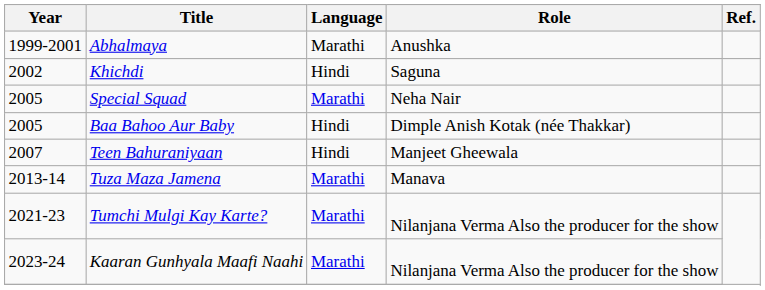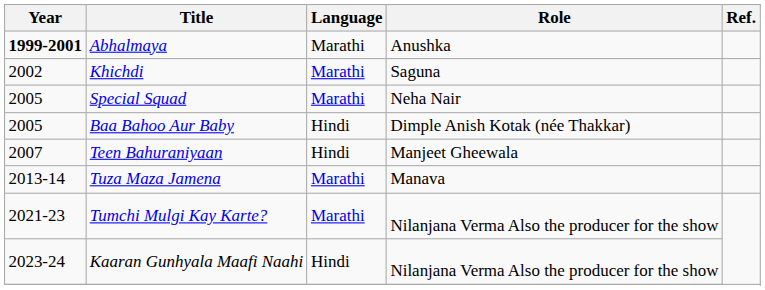 <table class="wikitable sortable">
 <tr>
 <th>Year</th>
 <th>Title</th>
 <th>Language</th>
 <th>Role</th>
 <th>Ref.</th>
 </tr>
 <tr>
-<td>1999-2001</td>
+<td><strong>1999-2001</strong></td>
 <td><em><a href='#'>Abhalmaya</a></em></td>
 <td>Marathi</td>
 <td>Anushka</td>
 <td></td>
 </tr>
 <tr>
 <td>2002</td>
 <td><em><a href='#'>Khichdi</a></em></td>
-<td>Hindi</td>
+<td><a href='#'>Marathi</a></td>
 <td>Saguna</td>
 <td></td>
 </tr>
 <tr>
 <td>2005</td>
 <td><em><a href='#'>Special Squad</a></em></td>
 <td><a href='#'>Marathi</a></td>
 <td>Neha Nair</td>
 <td></td>
 </tr>
 <tr>
 <td>2005</td>
 <td><em><a href='#'>Baa Bahoo Aur Baby</a></em></td>
 <td>Hindi</td>
 <td>Dimple Anish Kotak (née Thakkar)</td>
 <td></td>
 </tr>
 <tr>
 <td>2007</td>
 <td><em><a href='#'>Teen Bahuraniyaan</a></em></td>
 <td>Hindi</td>
 <td>Manjeet Gheewala</td>
 <td></td>
 </tr>
 <tr>
 <td>2013-14</td>
 <td><em><a href='#'>Tuza Maza Jamena</a></em></td>
 <td><a href='#'>Marathi</a></td>
 <td>Manava</td>
 <td></td>
 </tr>
 <tr>
 <td>2021-23</td>
 <td><em><a href='#'>Tumchi Mulgi Kay Karte?</a></em></td>
 <td><a href='#'>Marathi</a></td>
 <td><br>Nilanjana Verma Also the producer for the show</td>
 </tr>
 <tr>
 <td>2023-24</td>
 <td><em>Kaaran Gunhyala Maafi Naahi</em></td>
-<td><a href='#'>Marathi</a></td>
+<td>Hindi</td>
 <td><br>Nilanjana Verma Also the producer for the show</td>
 </tr>
 <tr>
 </tr>
 </table>
